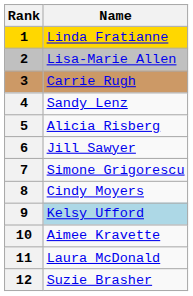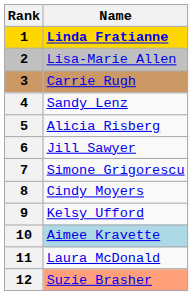 <table class="wikitable">
 <tr>
 <th>Rank</th>
 <th>Name</th>
 </tr>
 <tr bgcolor="gold">
 <td align="center"><strong>1</strong></td>
-<td><a href='#'>Linda Fratianne</a></td>
+<td><strong><a href='#'>Linda Fratianne</a></strong></td>
 </tr>
 <tr bgcolor="silver">
 <td align="center"><strong>2</strong></td>
 <td><a href='#'>Lisa-Marie Allen</a></td>
 </tr>
 <tr bgcolor="cc9966">
 <td align="center"><strong>3</strong></td>
 <td><a href='#'>Carrie Rugh</a></td>
 </tr>
 <tr>
 <th>4</th>
 <td><a href='#'>Sandy Lenz</a></td>
 </tr>
 <tr>
 <th>5</th>
 <td><a href='#'>Alicia Risberg</a></td>
 </tr>
 <tr>
 <th>6</th>
 <td><a href='#'>Jill Sawyer</a></td>
 </tr>
 <tr>
 <th>7</th>
 <td><a href='#'>Simone Grigorescu</a></td>
 </tr>
 <tr>
 <th>8</th>
 <td><a href='#'>Cindy Moyers</a></td>
 </tr>
 <tr>
 <th>9</th>
-<td style="background: lightblue;"><a href='#'>Kelsy Ufford</a></td>
+<td><a href='#'>Kelsy Ufford</a></td>
 </tr>
 <tr>
 <th>10</th>
-<td><a href='#'>Aimee Kravette</a></td>
+<td style="background: lightblue;"><a href='#'>Aimee Kravette</a></td>
 </tr>
 <tr>
 <th>11</th>
 <td><a href='#'>Laura McDonald</a></td>
 </tr>
 <tr>
 <th>12</th>
-<td><a href='#'>Suzie Brasher</a></td>
+<td style="background: lightsalmon;"><a href='#'>Suzie Brasher</a></td>
 </tr>
 </table>
